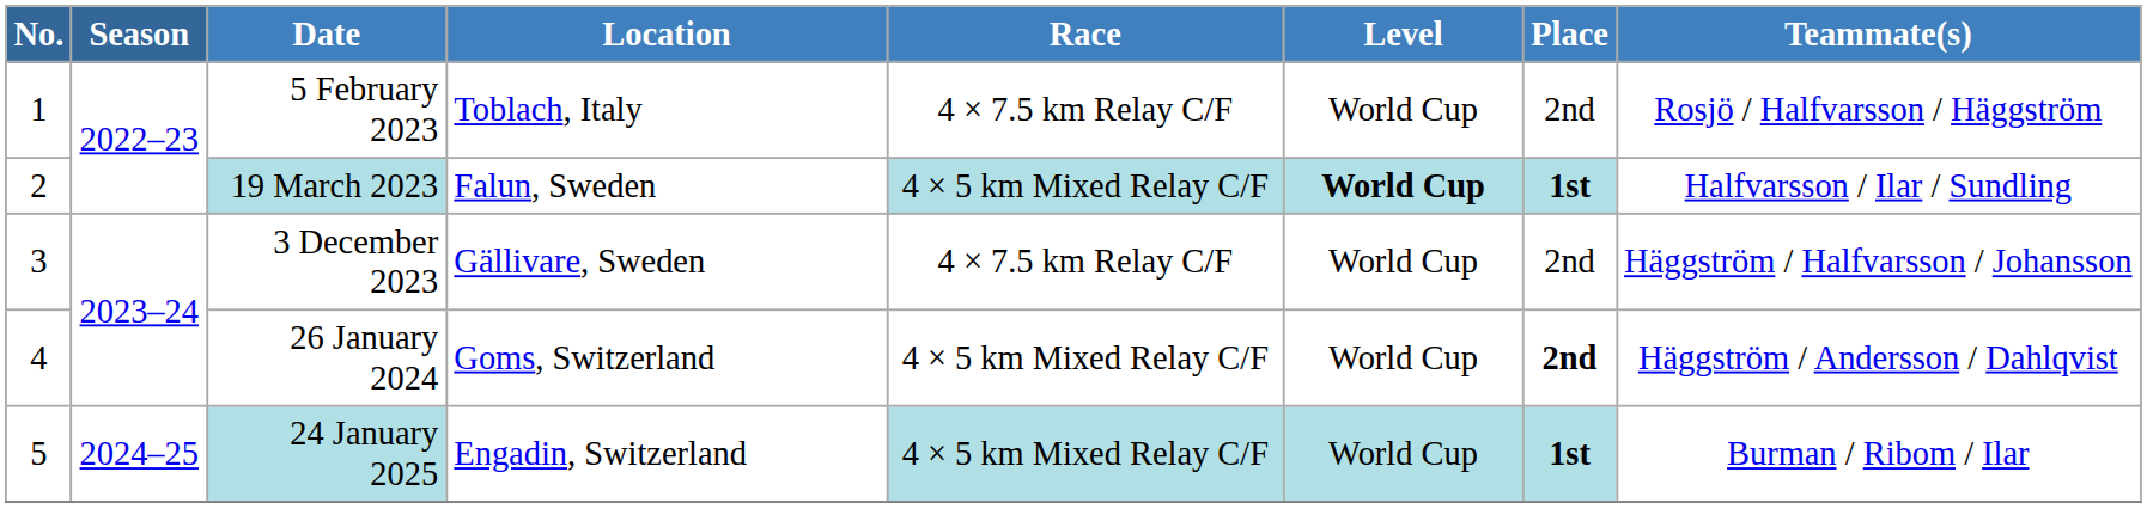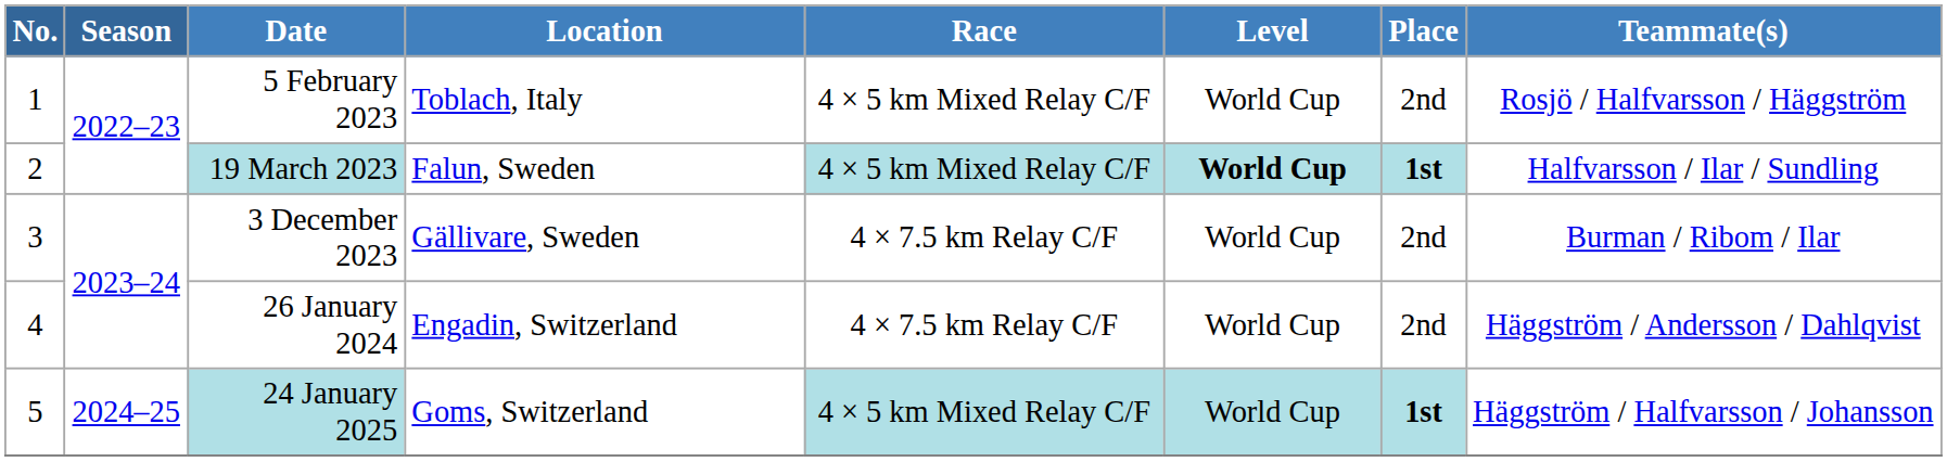 <table class="wikitable sortable" style="font-size:95%; text-align:center; border:grey solid 1px; border-collapse:collapse; background:#ffffff;">
 <tr style="background:#efefef;">
 <th style="background-color:#369; color:white;">No.</th>
 <th style="background-color:#369; color:white;">Season</th>
 <th style="background-color:#4180be; color:white; width:100px;">Date</th>
 <th style="background-color:#4180be; color:white; width:190px;">Location</th>
 <th style="background-color:#4180be; color:white; width:170px;">Race</th>
 <th style="background-color:#4180be; color:white; width:100px;">Level</th>
 <th style="background-color:#4180be; color:white;">Place</th>
 <th style="background-color:#4180be; color:white;">Teammate(s)</th>
 </tr>
 <tr>
 <td align=center>1</td>
 <td rowspan=2 align=center><a href='#'>2022–23</a></td>
 <td align=right>5 February 2023</td>
 <td align=left> <a href='#'>Toblach</a>, Italy</td>
-<td>4 × 7.5 km Relay C/F</td>
+<td>4 × 5 km Mixed Relay C/F</td>
 <td>World Cup</td>
 <td>2nd</td>
 <td><a href='#'>Rosjö</a> / <a href='#'>Halfvarsson</a> / <a href='#'>Häggström</a></td>
 </tr>
 <tr>
 <td align=center>2</td>
 <td bgcolor="#BOEOE6" align=right>19 March 2023</td>
 <td align=left> <a href='#'>Falun</a>, Sweden</td>
 <td bgcolor="#BOEOE6">4 × 5 km Mixed Relay C/F</td>
 <td bgcolor="#BOEOE6"><strong>World Cup</strong></td>
 <td bgcolor="#BOEOE6"><strong>1st</strong></td>
 <td><a href='#'>Halfvarsson</a> / <a href='#'>Ilar</a> / <a href='#'>Sundling</a></td>
 </tr>
 <tr>
 <td align=center>3</td>
 <td rowspan=2 align=center><a href='#'>2023–24</a></td>
 <td align=right>3 December 2023</td>
 <td align=left> <a href='#'>Gällivare</a>, Sweden</td>
 <td>4 × 7.5 km Relay C/F</td>
 <td>World Cup</td>
 <td>2nd</td>
-<td><a href='#'>Häggström</a> / <a href='#'>Halfvarsson</a> / <a href='#'>Johansson</a></td>
+<td><a href='#'>Burman</a> / <a href='#'>Ribom</a> / <a href='#'>Ilar</a></td>
 </tr>
 <tr>
 <td align=center>4</td>
 <td align=right>26 January 2024</td>
-<td align=left> <a href='#'>Goms</a>, Switzerland</td>
-<td>4 × 5 km Mixed Relay C/F</td>
+<td align=left> <a href='#'>Engadin</a>, Switzerland</td>
+<td>4 × 7.5 km Relay C/F</td>
 <td>World Cup</td>
-<td><strong>2nd</strong></td>
+<td>2nd</td>
 <td><a href='#'>Häggström</a> / <a href='#'>Andersson</a> / <a href='#'>Dahlqvist</a></td>
 </tr>
 <tr>
 <td align=center>5</td>
 <td rowspan=1 align=center><a href='#'>2024–25</a></td>
 <td bgcolor="#BOEOE6" align=right>24 January 2025</td>
-<td align=left> <a href='#'>Engadin</a>, Switzerland</td>
+<td align=left> <a href='#'>Goms</a>, Switzerland</td>
 <td bgcolor="#BOEOE6">4 × 5 km Mixed Relay C/F</td>
 <td bgcolor="#BOEOE6">World Cup</td>
 <td bgcolor="#BOEOE6"><strong>1st</strong></td>
-<td><a href='#'>Burman</a> / <a href='#'>Ribom</a> / <a href='#'>Ilar</a></td>
+<td><a href='#'>Häggström</a> / <a href='#'>Halfvarsson</a> / <a href='#'>Johansson</a></td>
 </tr>
 <tr>
 </tr>
 </table>
